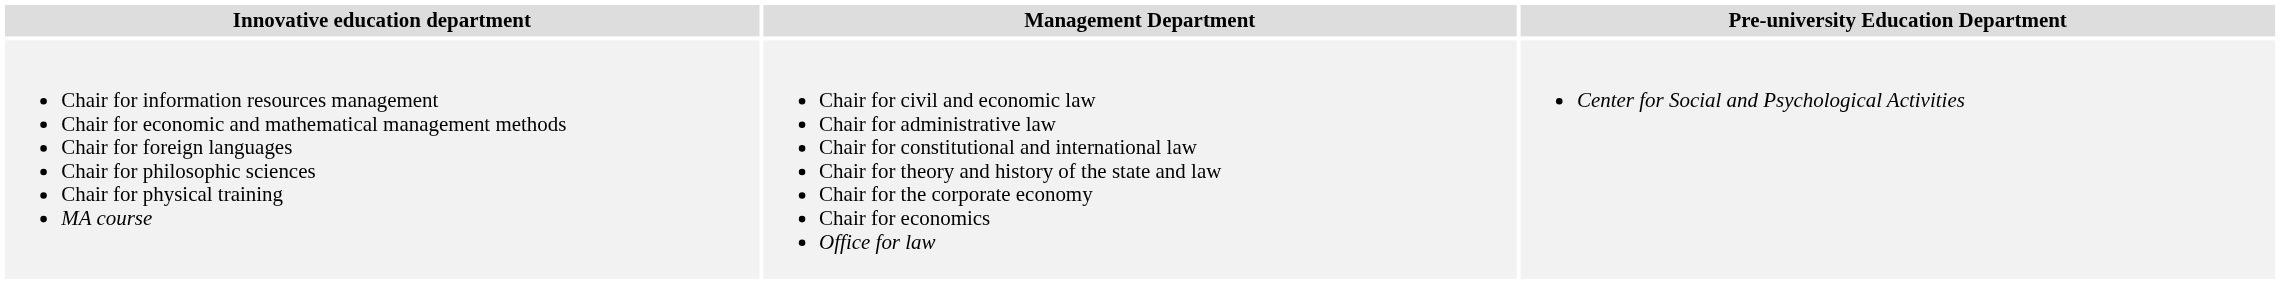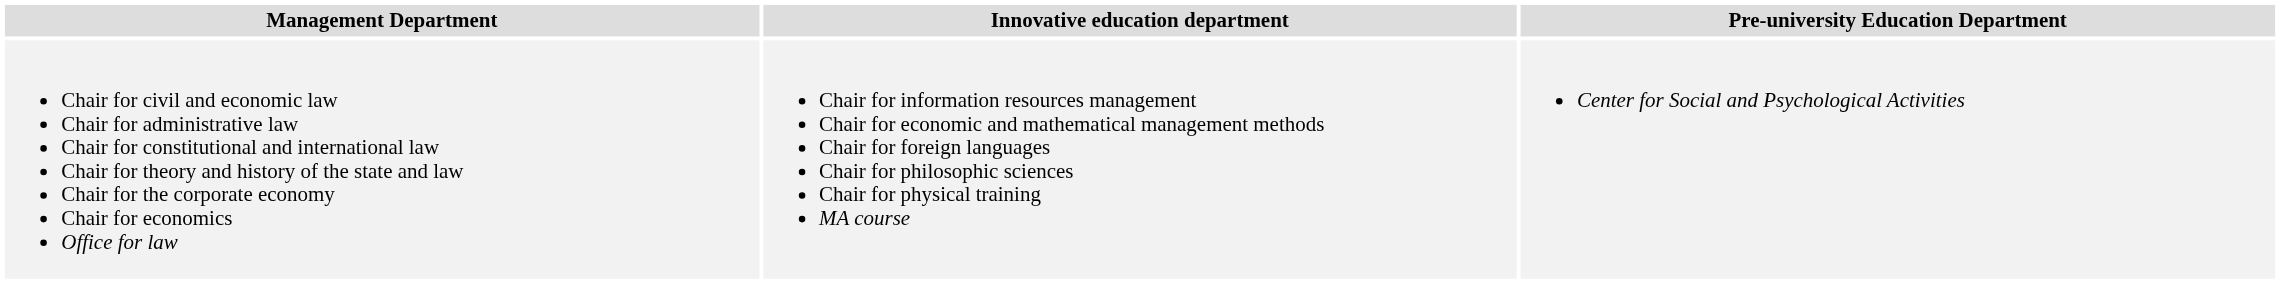 <table cellspacing="3" cellpadding="3">
 <tr ---- bgcolor="#DDDDDD">
+<th width="25%">Management Department</th>
 <th width="25%">Innovative education department</th>
-<th width="25%">Management Department</th>
 <th width="25%">Pre-university Education Department</th>
 </tr>
 <tr ---- bgcolor="#F2F2F2">
+<td valign="top"><br><ul><li>Chair for civil and economic law</li><li>Chair for administrative law</li><li>Chair for constitutional and international law</li><li>Chair for theory and history of the state and law</li><li>Chair for the corporate economy</li><li>Chair for economics</li><li><em>Office for law</em></li></ul></td>
 <td valign="top"><br><ul><li>Chair for information resources management</li><li>Chair for economic and mathematical management methods</li><li>Chair for foreign languages</li><li>Chair for philosophic sciences</li><li>Chair for physical training</li><li><em>MA course</em></li></ul></td>
-<td valign="top"><br><ul><li>Chair for civil and economic law</li><li>Chair for administrative law</li><li>Chair for constitutional and international law</li><li>Chair for theory and history of the state and law</li><li>Chair for the corporate economy</li><li>Chair for economics</li><li><em>Office for law</em></li></ul></td>
 <td valign="top"><br><ul><li><em>Center for Social and Psychological Activities</em></li></ul></td>
 </tr>
 </table>
